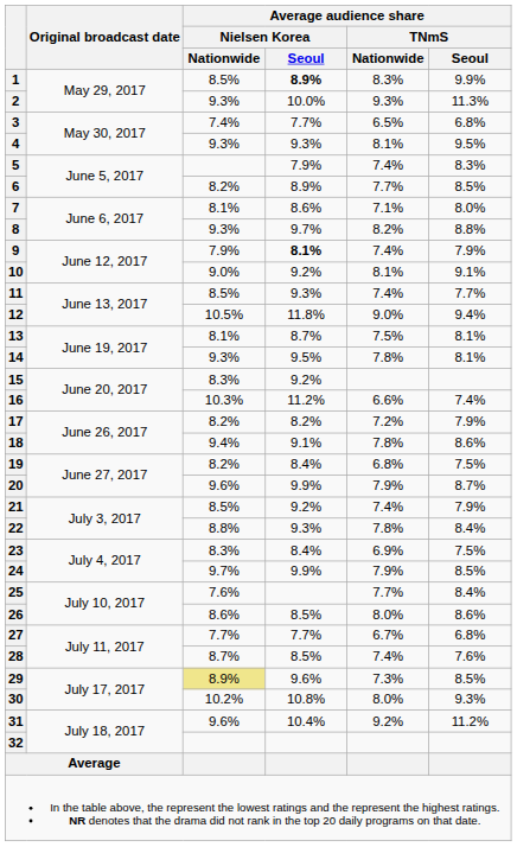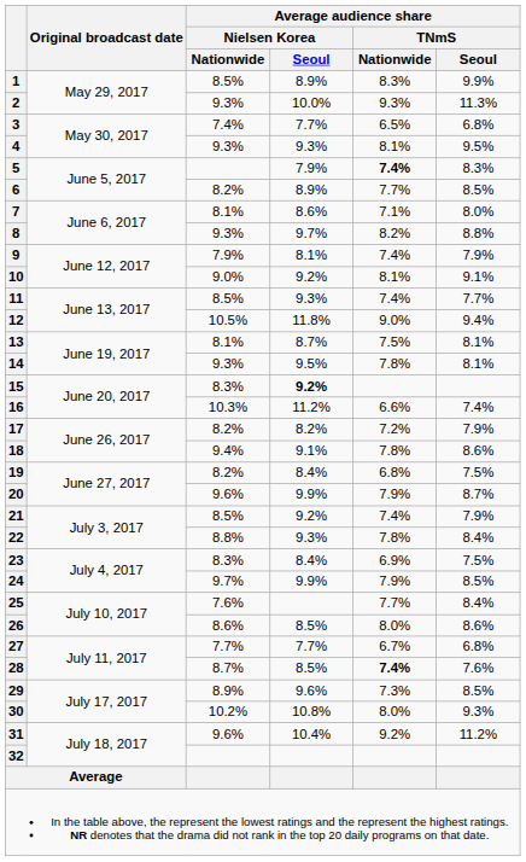 <table class="wikitable" style="text-align:center">
 <tr>
 <th rowspan="3"></th>
 <th rowspan="3">Original broadcast date</th>
 <th colspan="4">Average audience share</th>
 </tr>
 <tr>
 <th colspan="2">Nielsen Korea</th>
 <th colspan="2">TNmS</th>
 </tr>
 <tr>
 <th width="90">Nationwide</th>
 <th width="90"><a href='#'>Seoul</a></th>
 <th width="90">Nationwide</th>
 <th width="90">Seoul</th>
 </tr>
 <tr>
 <th>1</th>
 <td rowspan="2">May 29, 2017</td>
 <td>8.5% </td>
-<td><strong>8.9% </strong></td>
+<td>8.9% </td>
 <td>8.3% </td>
 <td>9.9% </td>
 </tr>
 <tr>
 <th>2</th>
 <td>9.3% </td>
 <td>10.0% </td>
 <td>9.3% </td>
 <td>11.3% </td>
 </tr>
 <tr>
 <th>3</th>
 <td rowspan="2">May 30, 2017</td>
 <td>7.4% </td>
 <td>7.7% </td>
 <td>6.5% </td>
 <td>6.8% </td>
 </tr>
 <tr>
 <th>4</th>
 <td>9.3% </td>
 <td>9.3% </td>
 <td>8.1% </td>
 <td>9.5% </td>
 </tr>
 <tr>
 <th>5</th>
 <td rowspan="2">June 5, 2017</td>
 <td><strong></strong> </td>
 <td>7.9% </td>
-<td>7.4% </td>
+<td><strong>7.4% </strong></td>
 <td>8.3% </td>
 </tr>
 <tr>
 <th>6</th>
 <td>8.2% </td>
 <td>8.9% </td>
 <td>7.7% </td>
 <td>8.5% </td>
 </tr>
 <tr>
 <th>7</th>
 <td rowspan="2">June 6, 2017</td>
 <td>8.1% </td>
 <td>8.6% </td>
 <td>7.1% </td>
 <td>8.0% </td>
 </tr>
 <tr>
 <th>8</th>
 <td>9.3% </td>
 <td>9.7% </td>
 <td>8.2% </td>
 <td>8.8% </td>
 </tr>
 <tr>
 <th>9</th>
 <td rowspan="2">June 12, 2017</td>
 <td>7.9% </td>
-<td><strong>8.1% </strong></td>
+<td>8.1% </td>
 <td>7.4% </td>
 <td>7.9% </td>
 </tr>
 <tr>
 <th>10</th>
 <td>9.0% </td>
 <td>9.2% </td>
 <td>8.1% </td>
 <td>9.1% </td>
 </tr>
 <tr>
 <th>11</th>
 <td rowspan="2">June 13, 2017</td>
 <td>8.5% </td>
 <td>9.3% </td>
 <td>7.4% </td>
 <td>7.7% </td>
 </tr>
 <tr>
 <th>12</th>
 <td>10.5% </td>
 <td>11.8% </td>
 <td>9.0% </td>
 <td>9.4% </td>
 </tr>
 <tr>
 <th>13</th>
 <td rowspan="2">June 19, 2017</td>
 <td>8.1% </td>
 <td>8.7% </td>
 <td>7.5% </td>
 <td>8.1% </td>
 </tr>
 <tr>
 <th>14</th>
 <td>9.3% </td>
 <td>9.5% </td>
 <td>7.8% </td>
 <td>8.1% </td>
 </tr>
 <tr>
 <th>15</th>
 <td rowspan="2">June 20, 2017</td>
 <td>8.3% </td>
-<td>9.2% </td>
+<td><strong>9.2% </strong></td>
 <td><strong></strong> </td>
 <td><strong></strong> </td>
 </tr>
 <tr>
 <th>16</th>
 <td>10.3% </td>
 <td>11.2% </td>
 <td>6.6% </td>
 <td>7.4% </td>
 </tr>
 <tr>
 <th>17</th>
 <td rowspan="2">June 26, 2017</td>
 <td>8.2% </td>
 <td>8.2% </td>
 <td>7.2% </td>
 <td>7.9% </td>
 </tr>
 <tr>
 <th>18</th>
 <td>9.4% </td>
 <td>9.1% </td>
 <td>7.8% </td>
 <td>8.6% </td>
 </tr>
 <tr>
 <th>19</th>
 <td rowspan="2">June 27, 2017</td>
 <td>8.2% </td>
 <td>8.4% </td>
 <td>6.8% </td>
 <td>7.5% </td>
 </tr>
 <tr>
 <th>20</th>
 <td>9.6% </td>
 <td>9.9% </td>
 <td>7.9% </td>
 <td>8.7% </td>
 </tr>
 <tr>
 <th>21</th>
 <td rowspan="2">July 3, 2017</td>
 <td>8.5% </td>
 <td>9.2% </td>
 <td>7.4% </td>
 <td>7.9% </td>
 </tr>
 <tr>
 <th>22</th>
 <td>8.8% </td>
 <td>9.3% </td>
 <td>7.8% </td>
 <td>8.4% </td>
 </tr>
 <tr>
 <th>23</th>
 <td rowspan="2">July 4, 2017</td>
 <td>8.3% </td>
 <td>8.4% </td>
 <td>6.9% </td>
 <td>7.5% </td>
 </tr>
 <tr>
 <th>24</th>
 <td>9.7% </td>
 <td>9.9% </td>
 <td>7.9% </td>
 <td>8.5% </td>
 </tr>
 <tr>
 <th>25</th>
 <td rowspan="2">July 10, 2017</td>
 <td>7.6% </td>
 <td><strong></strong> </td>
 <td>7.7% </td>
 <td>8.4% </td>
 </tr>
 <tr>
 <th>26</th>
 <td>8.6% </td>
 <td>8.5% </td>
 <td>8.0% </td>
 <td>8.6% </td>
 </tr>
 <tr>
 <th>27</th>
 <td rowspan="2">July 11, 2017</td>
 <td>7.7% </td>
 <td>7.7% </td>
 <td>6.7% </td>
 <td>6.8% </td>
 </tr>
 <tr>
 <th>28</th>
 <td>8.7% </td>
 <td>8.5% </td>
-<td>7.4% </td>
+<td><strong>7.4% </strong></td>
 <td>7.6% </td>
 </tr>
 <tr>
 <th>29</th>
 <td rowspan="2">July 17, 2017</td>
-<td style="background: khaki;">8.9% </td>
+<td>8.9% </td>
 <td>9.6% </td>
 <td>7.3% </td>
 <td>8.5% </td>
 </tr>
 <tr>
 <th>30</th>
 <td>10.2% </td>
 <td>10.8% </td>
 <td>8.0% </td>
 <td>9.3% </td>
 </tr>
 <tr>
 <th>31</th>
 <td rowspan="2">July 18, 2017</td>
 <td>9.6% </td>
 <td>10.4% </td>
 <td>9.2% </td>
 <td>11.2% </td>
 </tr>
 <tr>
 <th>32</th>
 <td><strong></strong> </td>
 <td><strong></strong> </td>
 <td><strong></strong> </td>
 <td><strong></strong> </td>
 </tr>
 <tr>
 <th colspan="2">Average</th>
 <th></th>
 <th></th>
 <th></th>
 <th></th>
 </tr>
 <tr>
 <td colspan="6" style="font-size:85%"><br><ul><li>In the table above, the <strong></strong> represent the lowest ratings and the <strong></strong> represent the highest ratings.</li><li><strong>NR</strong> denotes that the drama did not rank in the top 20 daily programs on that date.</li></ul></td>
 </tr>
 </table>
